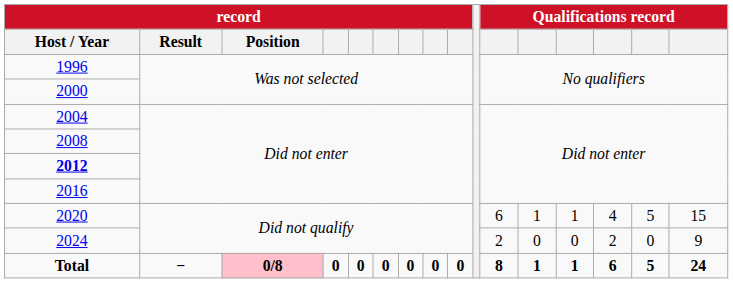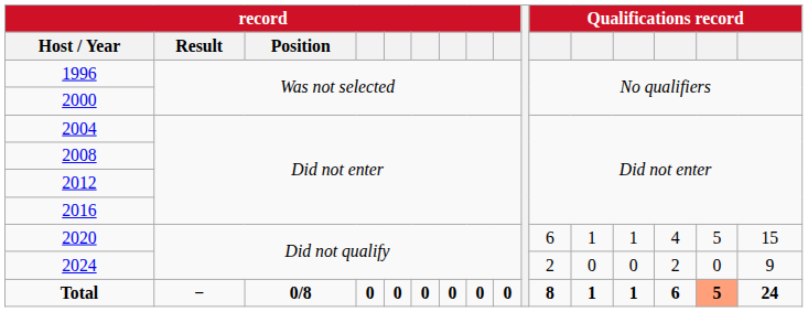 <table class="wikitable" style="text-align: center;">
 <tr>
 <th style="background: #CE1126; color: #FFFFFF;" colspan=9><a href='#'></a> record</th>
 <th style="width:1%;" rowspan="23"></th>
 <th colspan=6 style="background: #CE1126; color: #FFFFFF;">Qualifications record</th>
 </tr>
 <tr>
 <th>Host / Year</th>
 <th>Result</th>
 <th>Position</th>
 <th></th>
 <th></th>
 <th></th>
 <th></th>
 <th></th>
 <th></th>
 <th></th>
 <th></th>
 <th></th>
 <th></th>
 <th></th>
 <th></th>
 </tr>
 <tr>
 <td> <a href='#'>1996</a></td>
 <td rowspan=2 colspan=8><em>Was not selected</em></td>
 <td rowspan=2 colspan=6><em>No qualifiers</em></td>
 </tr>
 <tr>
 <td> <a href='#'>2000</a></td>
 </tr>
 <tr>
 <td> <a href='#'>2004</a></td>
 <td rowspan=4 colspan=8><em>Did not enter</em></td>
 <td rowspan=4 colspan=6><em>Did not enter</em></td>
 </tr>
 <tr>
 <td> <a href='#'>2008</a></td>
 </tr>
 <tr>
-<td><strong> <a href='#'>2012</a></strong></td>
+<td> <a href='#'>2012</a></td>
 </tr>
 <tr>
 <td> <a href='#'>2016</a></td>
 </tr>
 <tr>
 <td> <a href='#'>2020</a></td>
 <td rowspan=2 colspan=8><em>Did not qualify</em></td>
 <td>6</td>
 <td>1</td>
 <td>1</td>
 <td>4</td>
 <td>5</td>
 <td>15</td>
 </tr>
 <tr>
 <td> <a href='#'>2024</a></td>
 <td>2</td>
 <td>0</td>
 <td>0</td>
 <td>2</td>
 <td>0</td>
 <td>9</td>
 </tr>
 <tr>
 <td><strong>Total</strong></td>
 <td><strong>−</strong></td>
-<td style="background: pink;"><strong>0/8</strong></td>
+<td><strong>0/8</strong></td>
 <td><strong>0</strong></td>
 <td><strong>0</strong></td>
 <td><strong>0</strong></td>
 <td><strong>0</strong></td>
 <td><strong>0</strong></td>
 <td><strong>0</strong></td>
 <td><strong>8</strong></td>
 <td><strong>1</strong></td>
 <td><strong>1</strong></td>
 <td><strong>6</strong></td>
-<td><strong>5</strong></td>
+<td style="background: lightsalmon;"><strong>5</strong></td>
 <td><strong>24</strong></td>
 </tr>
 </table>
